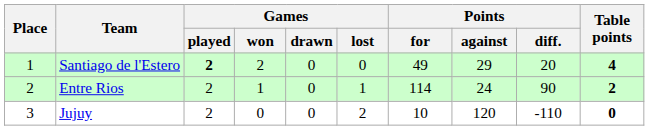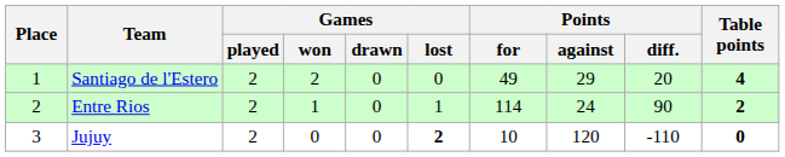 <table class="wikitable">
 <tr>
 <th rowspan=2 width="8%">Place</th>
 <th rowspan=2 width="20%">Team</th>
 <th colspan=4 width="32%">Games</th>
 <th colspan=3 width="30%">Points</th>
 <th rowspan=2 width="10%">Table<br>points</th>
 </tr>
 <tr>
 <th width="8%">played</th>
 <th width="8%">won</th>
 <th width="8%">drawn</th>
 <th width="8%">lost</th>
 <th width="10%">for</th>
 <th width="10%">against</th>
 <th width="10%">diff.</th>
 </tr>
 <tr align=center style="background: #ccffcc;">
 <td>1</td>
 <td align=left><a href='#'>Santiago de l'Estero</a></td>
-<td><strong>2</strong></td>
+<td>2</td>
 <td>2</td>
 <td>0</td>
 <td>0</td>
 <td>49</td>
 <td>29</td>
 <td>20</td>
 <td><strong>4</strong></td>
 </tr>
 <tr align=center style="background: #ccffcc;">
 <td>2</td>
 <td align=left><a href='#'>Entre Rios</a></td>
 <td>2</td>
 <td>1</td>
 <td>0</td>
 <td>1</td>
 <td>114</td>
 <td>24</td>
 <td>90</td>
 <td><strong>2</strong></td>
 </tr>
 <tr align=center style="background: #ffffff;">
 <td>3</td>
 <td align=left><a href='#'>Jujuy</a></td>
 <td>2</td>
 <td>0</td>
 <td>0</td>
-<td>2</td>
+<td><strong>2</strong></td>
 <td>10</td>
 <td>120</td>
 <td>-110</td>
 <td><strong>0</strong></td>
 </tr>
 </table>
